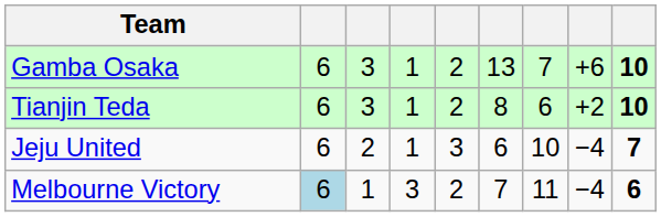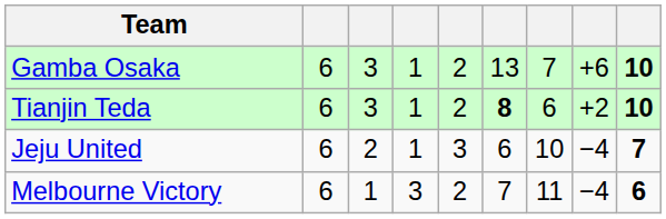 <table class="wikitable" style="text-align:center;">
 <tr>
 <th width=175>Team</th>
 <th width=20></th>
 <th width=20></th>
 <th width=20></th>
 <th width=20></th>
 <th width=20></th>
 <th width=20></th>
 <th width=20></th>
 <th width=20></th>
 </tr>
 <tr bgcolor=#ccffcc>
 <td align="left"> <a href='#'>Gamba Osaka</a></td>
 <td>6</td>
 <td>3</td>
 <td>1</td>
 <td>2</td>
 <td>13</td>
 <td>7</td>
 <td>+6</td>
 <td><strong>10</strong></td>
 </tr>
 <tr bgcolor=#ccffcc>
 <td align="left"> <a href='#'>Tianjin Teda</a></td>
 <td>6</td>
 <td>3</td>
 <td>1</td>
 <td>2</td>
-<td>8</td>
+<td><strong>8</strong></td>
 <td>6</td>
 <td>+2</td>
 <td><strong>10</strong></td>
 </tr>
 <tr>
 <td align="left"> <a href='#'>Jeju United</a></td>
 <td>6</td>
 <td>2</td>
 <td>1</td>
 <td>3</td>
 <td>6</td>
 <td>10</td>
 <td>−4</td>
 <td><strong>7</strong></td>
 </tr>
 <tr>
 <td align="left"> <a href='#'>Melbourne Victory</a></td>
-<td style="background: lightblue;">6</td>
+<td>6</td>
 <td>1</td>
 <td>3</td>
 <td>2</td>
 <td>7</td>
 <td>11</td>
 <td>−4</td>
 <td><strong>6</strong></td>
 </tr>
 </table>
